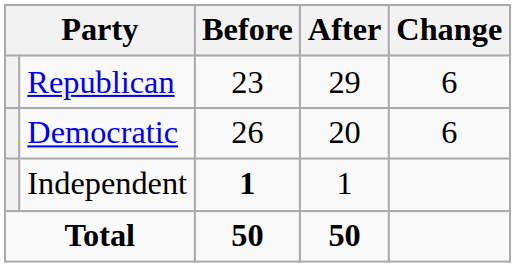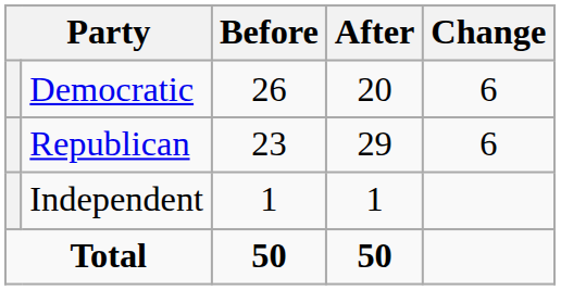 <table class="wikitable" style="text-align:center;">
 <tr>
 </tr>
 <tr>
 <th colspan=2>Party</th>
 <th>Before</th>
 <th>After</th>
 <th>Change</th>
 </tr>
 <tr>
 <th style="background-color:"></th>
+<td style="text-align:left;"><a href='#'>Democratic</a></td>
+<td>26</td>
+<td>20</td>
+<td> 6</td>
+</tr>
+<tr>
+<th style="background-color:"></th>
 <td style="text-align:left;"><a href='#'>Republican</a></td>
 <td>23</td>
 <td>29</td>
 <td> 6</td>
 </tr>
 <tr>
 <th style="background-color:"></th>
-<td style="text-align:left;"><a href='#'>Democratic</a></td>
-<td>26</td>
-<td>20</td>
-<td> 6</td>
-</tr>
-<tr>
-<th style="background-color:"></th>
 <td style="text-align:left;">Independent</td>
-<td><strong>1</strong></td>
+<td>1</td>
 <td>1</td>
 <td></td>
 </tr>
 <tr>
 <td colspan=2><strong>Total</strong></td>
 <td><strong>50</strong></td>
 <td><strong>50</strong></td>
 <td></td>
 </tr>
 </table>
